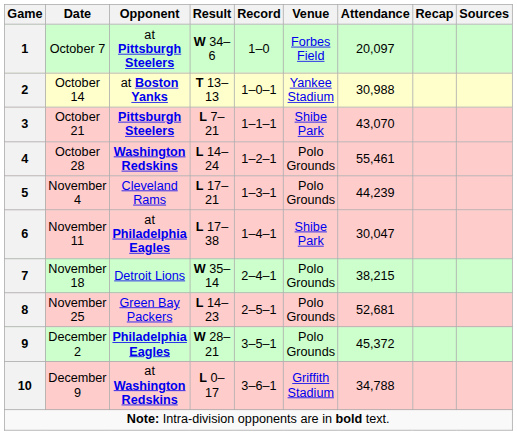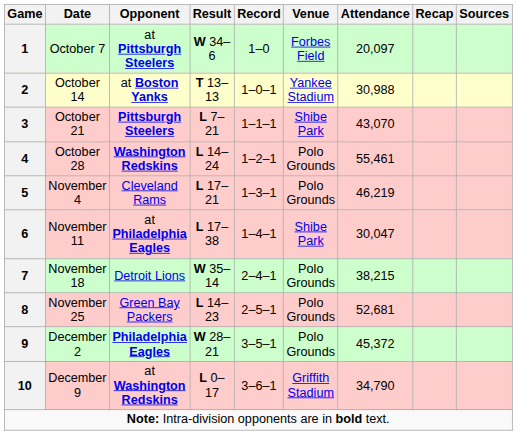 <table class="wikitable" style="text-align:center">
 <tr>
 <th>Game</th>
 <th>Date</th>
 <th>Opponent</th>
 <th>Result</th>
 <th>Record</th>
 <th>Venue</th>
 <th>Attendance</th>
 <th>Recap</th>
 <th>Sources</th>
 </tr>
 <tr style="background:#cfc">
 <th>1</th>
 <td>October 7</td>
 <td>at <strong><a href='#'>Pittsburgh Steelers</a></strong></td>
 <td><strong>W</strong> 34–6</td>
 <td>1–0</td>
 <td><a href='#'>Forbes Field</a></td>
 <td>20,097</td>
 <td></td>
 <td></td>
 </tr>
 <tr style="background:#ffc">
 <th>2</th>
 <td>October 14</td>
 <td>at <strong><a href='#'>Boston Yanks</a></strong></td>
 <td><strong>T</strong> 13–13</td>
 <td>1–0–1</td>
 <td><a href='#'>Yankee Stadium</a></td>
 <td>30,988</td>
 <td></td>
 <td></td>
 </tr>
 <tr style="background:#fcc">
 <th>3</th>
 <td>October 21</td>
 <td><strong><a href='#'>Pittsburgh Steelers</a></strong></td>
 <td><strong>L</strong> 7–21</td>
 <td>1–1–1</td>
 <td><a href='#'>Shibe Park</a></td>
 <td>43,070</td>
 <td></td>
 <td></td>
 </tr>
 <tr style="background:#fcc">
 <th>4</th>
 <td>October 28</td>
 <td><strong><a href='#'>Washington Redskins</a></strong></td>
 <td><strong>L</strong> 14–24</td>
 <td>1–2–1</td>
 <td>Polo Grounds</td>
 <td>55,461</td>
 <td></td>
 <td></td>
 </tr>
 <tr style="background:#fcc">
 <th>5</th>
 <td>November 4</td>
 <td><a href='#'>Cleveland Rams</a></td>
 <td><strong>L</strong> 17–21</td>
 <td>1–3–1</td>
 <td>Polo Grounds</td>
-<td>44,239</td>
+<td>46,219</td>
 <td></td>
 <td></td>
 </tr>
 <tr style="background:#fcc">
 <th>6</th>
 <td>November 11</td>
 <td>at <strong><a href='#'>Philadelphia Eagles</a></strong></td>
 <td><strong>L</strong> 17–38</td>
 <td>1–4–1</td>
 <td><a href='#'>Shibe Park</a></td>
 <td>30,047</td>
 <td></td>
 <td></td>
 </tr>
 <tr style="background:#cfc">
 <th>7</th>
 <td>November 18</td>
 <td><a href='#'>Detroit Lions</a></td>
 <td><strong>W</strong> 35–14</td>
 <td>2–4–1</td>
 <td>Polo Grounds</td>
 <td>38,215</td>
 <td></td>
 <td></td>
 </tr>
 <tr style="background:#fcc">
 <th>8</th>
 <td>November 25</td>
 <td><a href='#'>Green Bay Packers</a></td>
 <td><strong>L</strong> 14–23</td>
 <td>2–5–1</td>
 <td>Polo Grounds</td>
 <td>52,681</td>
 <td></td>
 <td></td>
 </tr>
 <tr style="background:#cfc">
 <th>9</th>
 <td>December 2</td>
 <td><strong><a href='#'>Philadelphia Eagles</a></strong></td>
 <td><strong>W</strong> 28–21</td>
 <td>3–5–1</td>
 <td>Polo Grounds</td>
 <td>45,372</td>
 <td></td>
 <td></td>
 </tr>
 <tr style="background:#fcc">
 <th>10</th>
 <td>December 9</td>
 <td>at <strong><a href='#'>Washington Redskins</a></strong></td>
 <td><strong>L</strong> 0–17</td>
 <td>3–6–1</td>
 <td><a href='#'>Griffith Stadium</a></td>
-<td>34,788</td>
+<td>34,790</td>
 <td></td>
 <td></td>
 </tr>
 <tr>
 <td colspan="10"><strong>Note:</strong> Intra-division opponents are in <strong>bold</strong> text.</td>
 </tr>
 </table>
